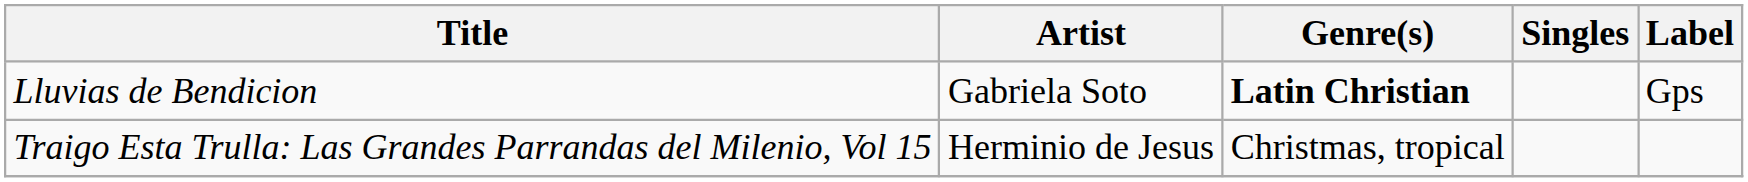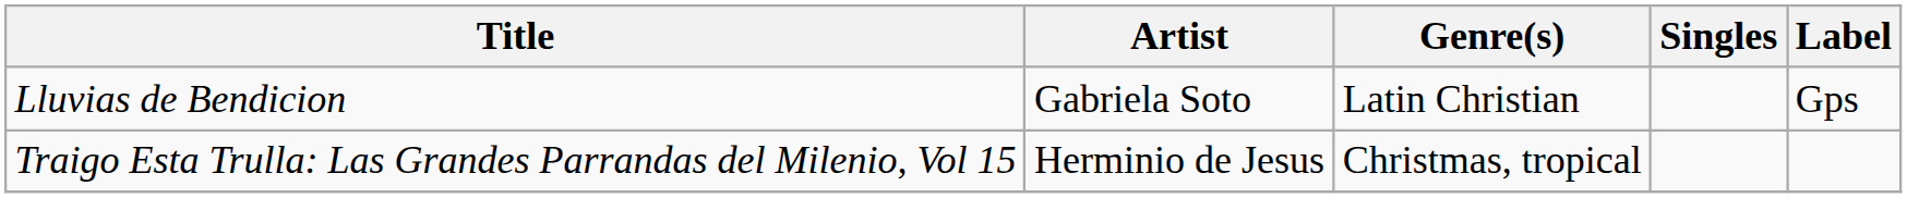 <table class="wikitable sortable" style="text-align: left;">
 <tr>
 <th>Title</th>
 <th>Artist</th>
 <th>Genre(s)</th>
 <th>Singles</th>
 <th>Label</th>
 </tr>
 <tr>
 <td><em>Lluvias de Bendicion</em></td>
 <td>Gabriela Soto</td>
-<td><strong>Latin Christian</strong></td>
+<td>Latin Christian</td>
 <td></td>
 <td>Gps</td>
 </tr>
 <tr>
 <td><em>Traigo Esta Trulla: Las Grandes Parrandas del Milenio, Vol 15</em></td>
 <td>Herminio de Jesus</td>
 <td>Christmas, tropical</td>
 <td></td>
 <td></td>
 </tr>
 <tr>
 </tr>
 </table>
